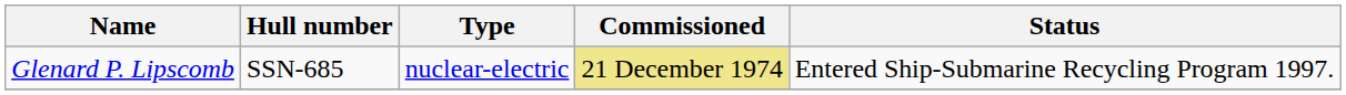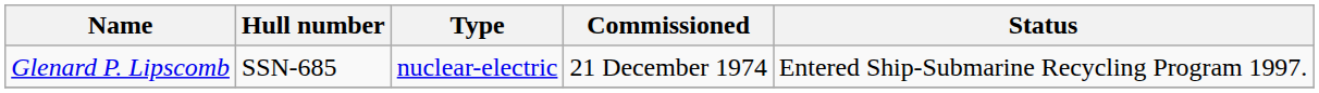 <table class="wikitable">
 <tr>
 <th>Name</th>
 <th>Hull number</th>
 <th>Type</th>
 <th>Commissioned</th>
 <th>Status</th>
 </tr>
 <tr>
 <td><em><a href='#'>Glenard P. Lipscomb</a></em></td>
 <td>SSN-685</td>
 <td><a href='#'>nuclear-electric</a></td>
-<td style="background: khaki;">21 December 1974</td>
+<td>21 December 1974</td>
 <td>Entered Ship-Submarine Recycling Program 1997.</td>
 </tr>
 <tr>
 </tr>
 </table>
